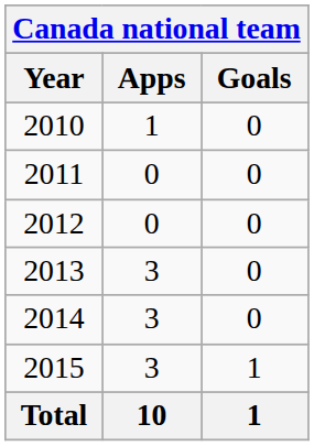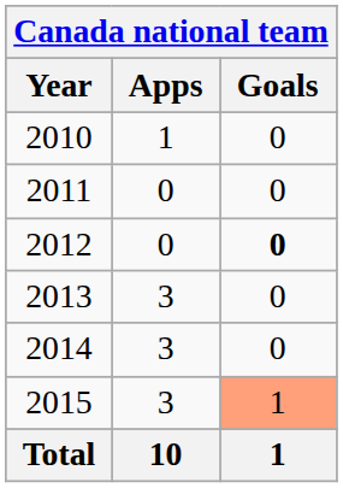 <table class="wikitable" style="text-align:center">
 <tr>
 <th colspan=3><a href='#'>Canada national team</a></th>
 </tr>
 <tr>
 <th>Year</th>
 <th>Apps</th>
 <th>Goals</th>
 </tr>
 <tr>
 <td>2010</td>
 <td>1</td>
 <td>0</td>
 </tr>
 <tr>
 <td>2011</td>
 <td>0</td>
 <td>0</td>
 </tr>
 <tr>
 <td>2012</td>
 <td>0</td>
-<td>0</td>
+<td><strong>0</strong></td>
 </tr>
 <tr>
 <td>2013</td>
 <td>3</td>
 <td>0</td>
 </tr>
 <tr>
 <td>2014</td>
 <td>3</td>
 <td>0</td>
 </tr>
 <tr>
 <td>2015</td>
 <td>3</td>
-<td>1</td>
+<td style="background: lightsalmon;">1</td>
 </tr>
 <tr>
 <th>Total</th>
 <th>10</th>
 <th>1</th>
 </tr>
 </table>
